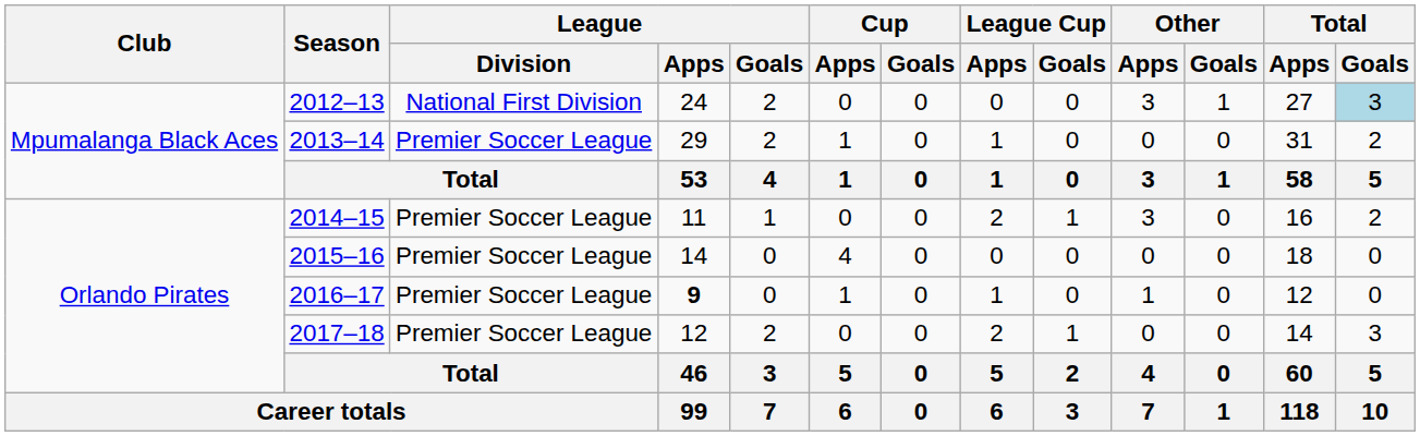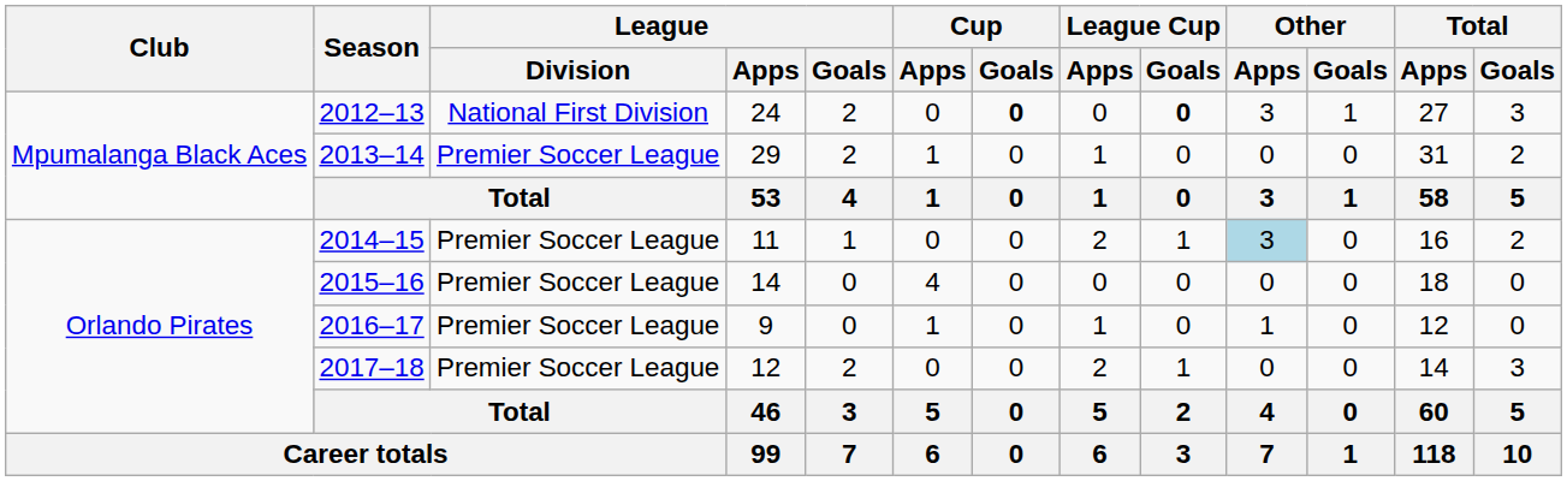 <table class="wikitable" style="text-align:center">
 <tr>
 <th rowspan="2">Club</th>
 <th rowspan="2">Season</th>
 <th colspan="3">League</th>
 <th colspan="2">Cup</th>
 <th colspan="2">League Cup</th>
 <th colspan="2">Other</th>
 <th colspan="2">Total</th>
 </tr>
 <tr>
 <th>Division</th>
 <th>Apps</th>
 <th>Goals</th>
 <th>Apps</th>
 <th>Goals</th>
 <th>Apps</th>
 <th>Goals</th>
 <th>Apps</th>
 <th>Goals</th>
 <th>Apps</th>
 <th>Goals</th>
 </tr>
 <tr>
 <td rowspan="3"><a href='#'>Mpumalanga Black Aces</a></td>
 <td><a href='#'>2012–13</a></td>
 <td><a href='#'>National First Division</a></td>
 <td>24</td>
 <td>2</td>
 <td>0</td>
+<td><strong>0</strong></td>
 <td>0</td>
-<td>0</td>
-<td>0</td>
+<td><strong>0</strong></td>
 <td>3</td>
 <td>1</td>
 <td>27</td>
-<td style="background: lightblue;">3</td>
+<td>3</td>
 </tr>
 <tr>
 <td><a href='#'>2013–14</a></td>
 <td><a href='#'>Premier Soccer League</a></td>
 <td>29</td>
 <td>2</td>
 <td>1</td>
 <td>0</td>
 <td>1</td>
 <td>0</td>
 <td>0</td>
 <td>0</td>
 <td>31</td>
 <td>2</td>
 </tr>
 <tr>
 <th colspan="2">Total</th>
 <th>53</th>
 <th>4</th>
 <th>1</th>
 <th>0</th>
 <th>1</th>
 <th>0</th>
 <th>3</th>
 <th>1</th>
 <th>58</th>
 <th>5</th>
 </tr>
 <tr>
 <td rowspan="5"><a href='#'>Orlando Pirates</a></td>
 <td><a href='#'>2014–15</a></td>
 <td>Premier Soccer League</td>
 <td>11</td>
 <td>1</td>
 <td>0</td>
 <td>0</td>
 <td>2</td>
 <td>1</td>
-<td>3</td>
+<td style="background: lightblue;">3</td>
 <td>0</td>
 <td>16</td>
 <td>2</td>
 </tr>
 <tr>
 <td><a href='#'>2015–16</a></td>
 <td>Premier Soccer League</td>
 <td>14</td>
 <td>0</td>
 <td>4</td>
 <td>0</td>
 <td>0</td>
 <td>0</td>
 <td>0</td>
 <td>0</td>
 <td>18</td>
 <td>0</td>
 </tr>
 <tr>
 <td><a href='#'>2016–17</a></td>
 <td>Premier Soccer League</td>
-<td><strong>9</strong></td>
+<td>9</td>
 <td>0</td>
 <td>1</td>
 <td>0</td>
 <td>1</td>
 <td>0</td>
 <td>1</td>
 <td>0</td>
 <td>12</td>
 <td>0</td>
 </tr>
 <tr>
 <td><a href='#'>2017–18</a></td>
 <td>Premier Soccer League</td>
 <td>12</td>
 <td>2</td>
 <td>0</td>
 <td>0</td>
 <td>2</td>
 <td>1</td>
 <td>0</td>
 <td>0</td>
 <td>14</td>
 <td>3</td>
 </tr>
 <tr>
 <th colspan="2">Total</th>
 <th>46</th>
 <th>3</th>
 <th>5</th>
 <th>0</th>
 <th>5</th>
 <th>2</th>
 <th>4</th>
 <th>0</th>
 <th>60</th>
 <th>5</th>
 </tr>
 <tr>
 <th colspan="3">Career totals</th>
 <th>99</th>
 <th>7</th>
 <th>6</th>
 <th>0</th>
 <th>6</th>
 <th>3</th>
 <th>7</th>
 <th>1</th>
 <th>118</th>
 <th>10</th>
 </tr>
 </table>
